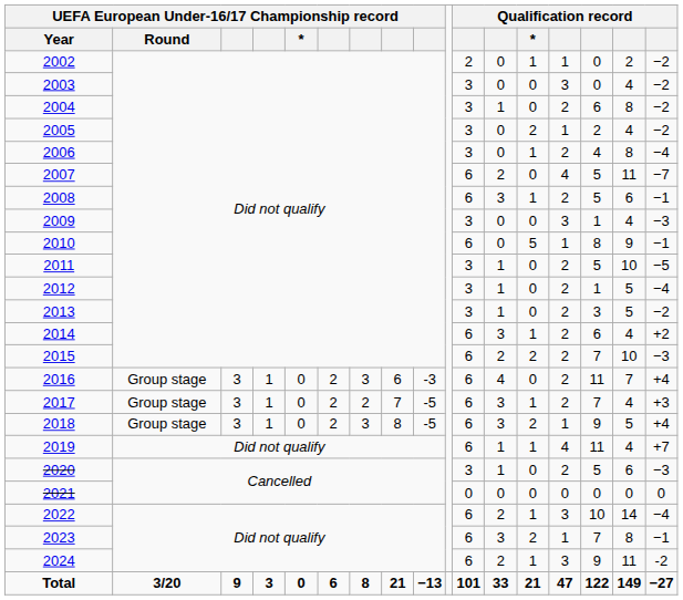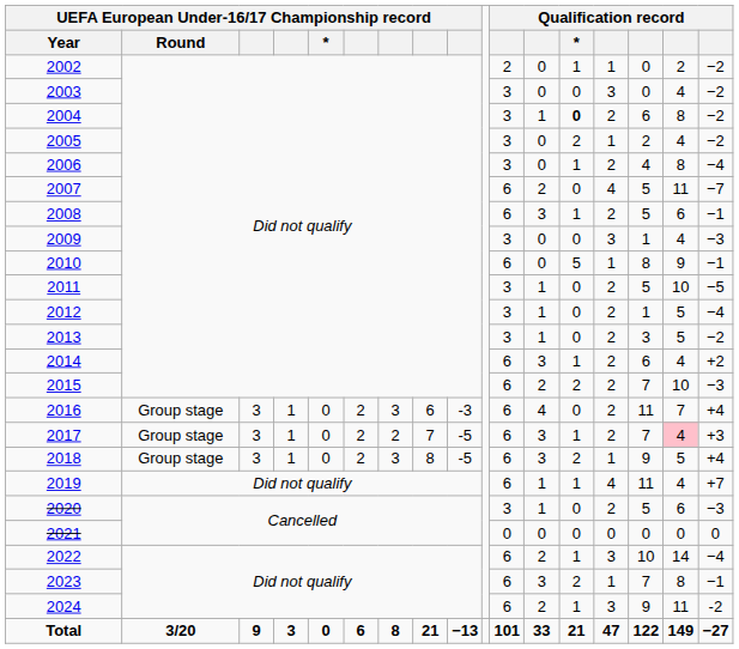 <table class="wikitable" style="text-align: center; font-size: 90%;">
 <tr>
 <th colspan=9>UEFA European Under-16/17 Championship record</th>
 <td style="width:1%;" rowspan="25"></td>
 <th colspan=8>Qualification record</th>
 </tr>
 <tr>
 <th width=100>Year</th>
 <th width=100>Round</th>
 <th width=25></th>
 <th width=25></th>
 <th width=25>*</th>
 <th width=25></th>
 <th width=25></th>
 <th width=25></th>
 <th width=25></th>
 <th width=25></th>
 <th width=25></th>
 <th width=25>*</th>
 <th width=25></th>
 <th width=25></th>
 <th width=25></th>
 <th width=25></th>
 </tr>
 <tr>
 <td> <a href='#'>2002</a></td>
 <td rowspan=14 colspan=8><em>Did not qualify</em></td>
 <td>2</td>
 <td>0</td>
 <td>1</td>
 <td>1</td>
 <td>0</td>
 <td>2</td>
 <td>−2</td>
 </tr>
 <tr>
 <td> <a href='#'>2003</a></td>
 <td>3</td>
 <td>0</td>
 <td>0</td>
 <td>3</td>
 <td>0</td>
 <td>4</td>
 <td>−2</td>
 </tr>
 <tr>
 <td> <a href='#'>2004</a></td>
 <td>3</td>
 <td>1</td>
-<td>0</td>
+<td><strong>0</strong></td>
 <td>2</td>
 <td>6</td>
 <td>8</td>
 <td>−2</td>
 </tr>
 <tr>
 <td> <a href='#'>2005</a></td>
 <td>3</td>
 <td>0</td>
 <td>2</td>
 <td>1</td>
 <td>2</td>
 <td>4</td>
 <td>−2</td>
 </tr>
 <tr>
 <td> <a href='#'>2006</a></td>
 <td>3</td>
 <td>0</td>
 <td>1</td>
 <td>2</td>
 <td>4</td>
 <td>8</td>
 <td>−4</td>
 </tr>
 <tr>
 <td> <a href='#'>2007</a></td>
 <td>6</td>
 <td>2</td>
 <td>0</td>
 <td>4</td>
 <td>5</td>
 <td>11</td>
 <td>−7</td>
 </tr>
 <tr>
 <td> <a href='#'>2008</a></td>
 <td>6</td>
 <td>3</td>
 <td>1</td>
 <td>2</td>
 <td>5</td>
 <td>6</td>
 <td>−1</td>
 </tr>
 <tr>
 <td> <a href='#'>2009</a></td>
 <td>3</td>
 <td>0</td>
 <td>0</td>
 <td>3</td>
 <td>1</td>
 <td>4</td>
 <td>−3</td>
 </tr>
 <tr>
 <td> <a href='#'>2010</a></td>
 <td>6</td>
 <td>0</td>
 <td>5</td>
 <td>1</td>
 <td>8</td>
 <td>9</td>
 <td>−1</td>
 </tr>
 <tr>
 <td> <a href='#'>2011</a></td>
 <td>3</td>
 <td>1</td>
 <td>0</td>
 <td>2</td>
 <td>5</td>
 <td>10</td>
 <td>−5</td>
 </tr>
 <tr>
 <td> <a href='#'>2012</a></td>
 <td>3</td>
 <td>1</td>
 <td>0</td>
 <td>2</td>
 <td>1</td>
 <td>5</td>
 <td>−4</td>
 </tr>
 <tr>
 <td> <a href='#'>2013</a></td>
 <td>3</td>
 <td>1</td>
 <td>0</td>
 <td>2</td>
 <td>3</td>
 <td>5</td>
 <td>−2</td>
 </tr>
 <tr>
 <td> <a href='#'>2014</a></td>
 <td>6</td>
 <td>3</td>
 <td>1</td>
 <td>2</td>
 <td>6</td>
 <td>4</td>
 <td>+2</td>
 </tr>
 <tr>
 <td> <a href='#'>2015</a></td>
 <td>6</td>
 <td>2</td>
 <td>2</td>
 <td>2</td>
 <td>7</td>
 <td>10</td>
 <td>−3</td>
 </tr>
 <tr>
 <td> <a href='#'>2016</a></td>
 <td>Group stage</td>
 <td>3</td>
 <td>1</td>
 <td>0</td>
 <td>2</td>
 <td>3</td>
 <td>6</td>
 <td>-3</td>
 <td>6</td>
 <td>4</td>
 <td>0</td>
 <td>2</td>
 <td>11</td>
 <td>7</td>
 <td>+4</td>
 </tr>
 <tr>
 <td> <a href='#'>2017</a></td>
 <td>Group stage</td>
 <td>3</td>
 <td>1</td>
 <td>0</td>
 <td>2</td>
 <td>2</td>
 <td>7</td>
 <td>-5</td>
 <td>6</td>
 <td>3</td>
 <td>1</td>
 <td>2</td>
 <td>7</td>
-<td>4</td>
+<td style="background: pink;">4</td>
 <td>+3</td>
 </tr>
 <tr>
 <td> <a href='#'>2018</a></td>
 <td>Group stage</td>
 <td>3</td>
 <td>1</td>
 <td>0</td>
 <td>2</td>
 <td>3</td>
 <td>8</td>
 <td>-5</td>
 <td>6</td>
 <td>3</td>
 <td>2</td>
 <td>1</td>
 <td>9</td>
 <td>5</td>
 <td>+4</td>
 </tr>
 <tr>
 <td> <a href='#'>2019</a></td>
 <td colspan=8><em>Did not qualify</em></td>
 <td>6</td>
 <td>1</td>
 <td>1</td>
 <td>4</td>
 <td>11</td>
 <td>4</td>
 <td>+7</td>
 </tr>
 <tr>
 <td> <s><a href='#'>2020</a></s></td>
 <td rowspan=2 colspan=8><em>Cancelled</em></td>
 <td>3</td>
 <td>1</td>
 <td>0</td>
 <td>2</td>
 <td>5</td>
 <td>6</td>
 <td>−3</td>
 </tr>
 <tr>
 <td> <s><a href='#'>2021</a></s></td>
 <td>0</td>
 <td>0</td>
 <td>0</td>
 <td>0</td>
 <td>0</td>
 <td>0</td>
 <td>0</td>
 </tr>
 <tr>
 <td> <a href='#'>2022</a></td>
 <td rowspan=3 colspan=8><em>Did not qualify</em></td>
 <td>6</td>
 <td>2</td>
 <td>1</td>
 <td>3</td>
 <td>10</td>
 <td>14</td>
 <td>−4</td>
 </tr>
 <tr>
 <td> <a href='#'>2023</a></td>
 <td>6</td>
 <td>3</td>
 <td>2</td>
 <td>1</td>
 <td>7</td>
 <td>8</td>
 <td>−1</td>
 </tr>
 <tr>
 <td> <a href='#'>2024</a></td>
 <td>6</td>
 <td>2</td>
 <td>1</td>
 <td>3</td>
 <td>9</td>
 <td>11</td>
 <td>-2</td>
 </tr>
 <tr>
 <td><strong>Total</strong></td>
 <td><strong>3/20</strong></td>
 <td><strong>9</strong></td>
 <td><strong>3</strong></td>
 <td><strong>0</strong></td>
 <td><strong>6</strong></td>
 <td><strong>8</strong></td>
 <td><strong>21</strong></td>
 <td><strong>−13</strong></td>
 <td></td>
 <td><strong>101</strong></td>
 <td><strong>33</strong></td>
 <td><strong>21</strong></td>
 <td><strong>47</strong></td>
 <td><strong>122</strong></td>
 <td><strong>149</strong></td>
 <td><strong>−27</strong></td>
 </tr>
 </table>
